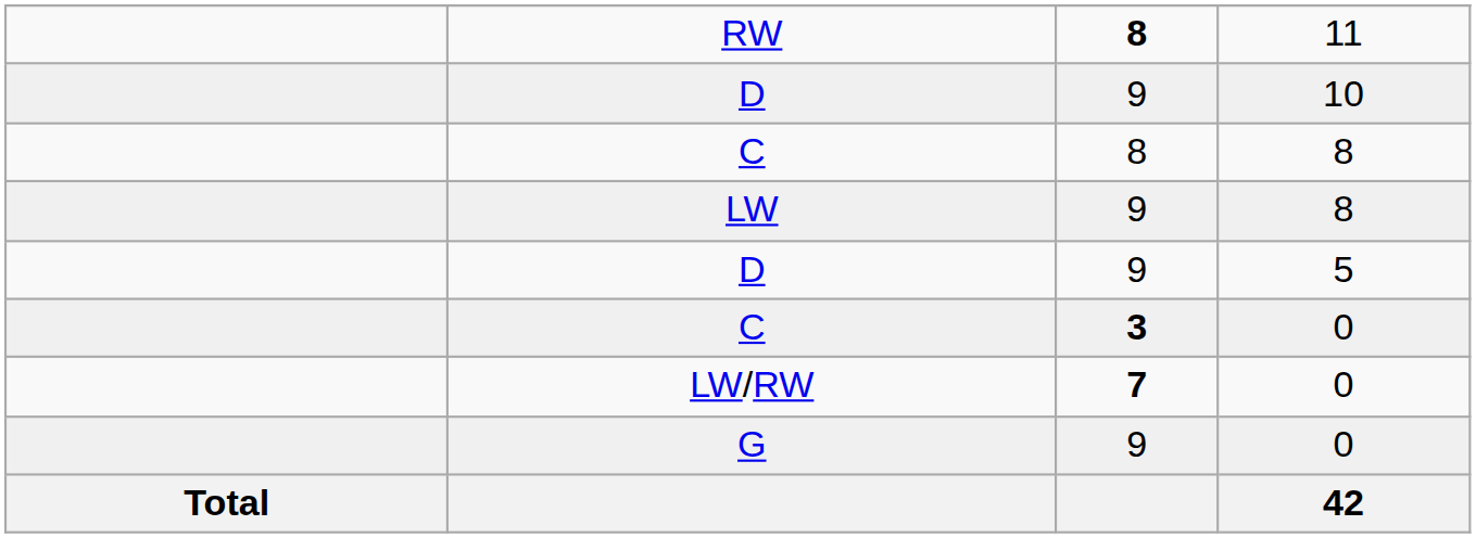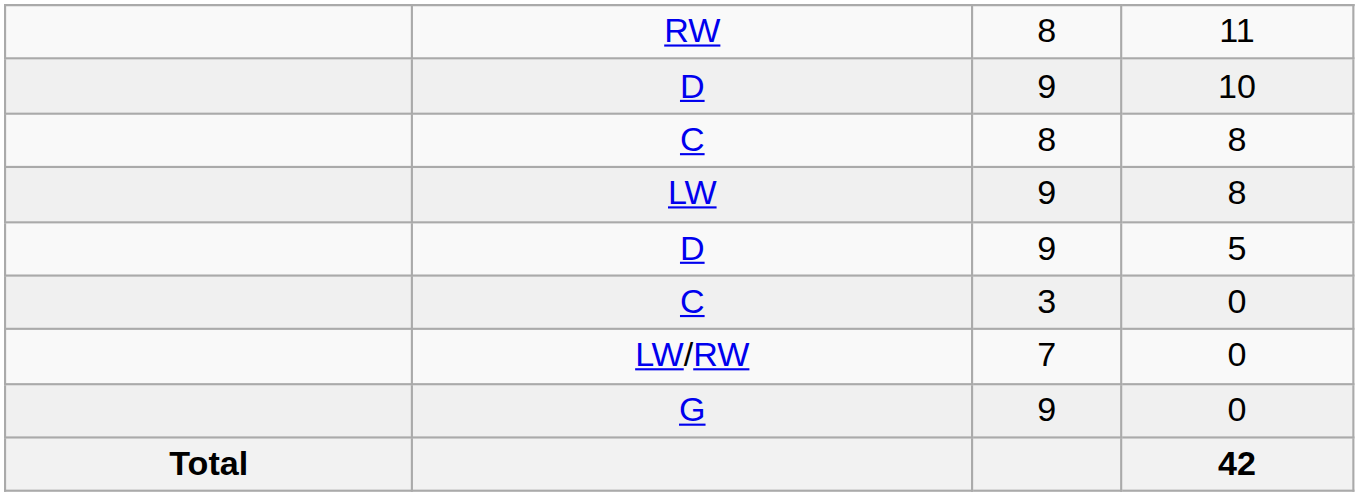 <table class="wikitable sortable" width ="40%">
 <tr align="center">
 </tr>
 <tr align="center" bgcolor="">
 <td></td>
 <td><a href='#'>RW</a></td>
-<td><strong>8</strong></td>
+<td>8</td>
 <td>11</td>
 </tr>
 <tr align="center" bgcolor="f0f0f0">
 <td></td>
 <td><a href='#'>D</a></td>
 <td>9</td>
 <td>10</td>
 </tr>
 <tr align="center" bgcolor="">
 <td></td>
 <td><a href='#'>C</a></td>
 <td>8</td>
 <td>8</td>
 </tr>
 <tr align="center" bgcolor="f0f0f0">
 <td></td>
 <td><a href='#'>LW</a></td>
 <td>9</td>
 <td>8</td>
 </tr>
 <tr align="center" bgcolor="">
 <td></td>
 <td><a href='#'>D</a></td>
 <td>9</td>
 <td>5</td>
 </tr>
 <tr align="center" bgcolor="f0f0f0">
 <td></td>
 <td><a href='#'>C</a></td>
-<td><strong>3</strong></td>
+<td>3</td>
 <td>0</td>
 </tr>
 <tr align="center" bgcolor="">
 <td></td>
 <td><a href='#'>LW</a>/<a href='#'>RW</a></td>
-<td><strong>7</strong></td>
+<td>7</td>
 <td>0</td>
 </tr>
 <tr align="center" bgcolor="f0f0f0">
 <td></td>
 <td><a href='#'>G</a></td>
 <td>9</td>
 <td>0</td>
 </tr>
 <tr>
 <th>Total</th>
 <th></th>
 <th></th>
 <th>42</th>
 </tr>
 </table>
